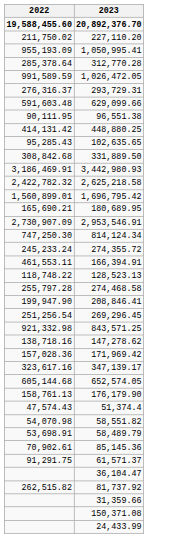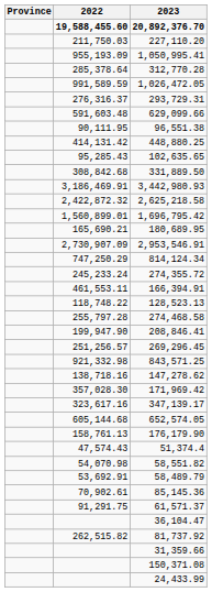 <table class="wikitable sortable sticky-header static-row-numbers" style="text-align:center; font-size:85%;">
 <tr>
+<th>Province</th>
 <th data-sort-type="number">2022</th>
 <th data-sort-type="number">2023</th>
 </tr>
 <tr class="sorttop static-row-header" style="font-weight: bold;">
+<td></td>
 <td>19,588,455.60</td>
 <td>20,892,376.70</td>
 </tr>
 <tr>
-<td align=right>211,750.02</td>
+<td></td>
+<td align=right>211,750.03</td>
 <td align=right>227,110.20</td>
 </tr>
 <tr>
+<td></td>
 <td align=right>955,193.09</td>
 <td align=right>1,050,995.41</td>
 </tr>
 <tr>
+<td></td>
 <td align=right>285,378.64</td>
 <td align=right>312,770.28</td>
 </tr>
 <tr>
+<td></td>
 <td align=right>991,589.59</td>
 <td align=right>1,026,472.05</td>
 </tr>
 <tr>
+<td></td>
 <td align=right>276,316.37</td>
 <td align=right>293,729.31</td>
 </tr>
 <tr>
+<td></td>
 <td align=right>591,603.48</td>
 <td align=right>629,099.66</td>
 </tr>
 <tr>
+<td></td>
 <td align=right>90,111.95</td>
 <td align=right>96,551.38</td>
 </tr>
 <tr>
+<td></td>
 <td align=right>414,131.42</td>
 <td align=right>448,880.25</td>
 </tr>
 <tr>
+<td></td>
 <td align=right>95,285.43</td>
 <td align=right>102,635.65</td>
 </tr>
 <tr>
+<td></td>
 <td align=right>308,842.68</td>
 <td align=right>331,889.50</td>
 </tr>
 <tr>
+<td></td>
 <td align=right>3,186,469.91</td>
 <td align=right>3,442,980.93</td>
 </tr>
 <tr>
-<td align=right>2,422,782.32</td>
+<td></td>
+<td align=right>2,422,872.32</td>
 <td align=right>2,625,218.58</td>
 </tr>
 <tr>
+<td></td>
 <td align=right>1,560,899.01</td>
 <td align=right>1,696,795.42</td>
 </tr>
 <tr>
+<td></td>
 <td align=right>165,690.21</td>
 <td align=right>180,689.95</td>
 </tr>
 <tr>
+<td></td>
 <td align=right>2,730,907.09</td>
 <td align=right>2,953,546.91</td>
 </tr>
 <tr>
-<td align=right>747,250.30</td>
+<td></td>
+<td align=right>747,250.29</td>
 <td align=right>814,124.34</td>
 </tr>
 <tr>
+<td></td>
 <td align=right>245,233.24</td>
 <td align=right>274,355.72</td>
 </tr>
 <tr>
+<td></td>
 <td align=right>461,553.11</td>
 <td align=right>166,394.91</td>
 </tr>
 <tr>
+<td></td>
 <td align=right>118,748.22</td>
 <td align=right>128,523.13</td>
 </tr>
 <tr>
+<td></td>
 <td align=right>255,797.28</td>
 <td align=right>274,468.58</td>
 </tr>
 <tr>
+<td></td>
 <td align=right>199,947.90</td>
 <td align=right>208,846.41</td>
 </tr>
 <tr>
-<td align=right>251,256.54</td>
+<td></td>
+<td align=right>251,256.57</td>
 <td align=right>269,296.45</td>
 </tr>
 <tr>
+<td></td>
 <td align=right>921,332.98</td>
 <td align=right>843,571.25</td>
 </tr>
 <tr>
+<td></td>
 <td align=right>138,718.16</td>
 <td align=right>147,278.62</td>
 </tr>
 <tr>
-<td align=right>157,028.36</td>
+<td></td>
+<td align=right>357,028.30</td>
 <td align=right>171,969.42</td>
 </tr>
 <tr>
+<td></td>
 <td align=right>323,617.16</td>
 <td align=right>347,139.17</td>
 </tr>
 <tr>
+<td></td>
 <td align=right>605,144.68</td>
 <td align=right>652,574.05</td>
 </tr>
 <tr>
+<td></td>
 <td align=right>158,761.13</td>
 <td align=right>176,179.90</td>
 </tr>
 <tr>
+<td></td>
 <td align=right>47,574.43</td>
 <td align=right>51,374.4</td>
 </tr>
 <tr>
+<td></td>
 <td align=right>54,070.98</td>
 <td align=right>58,551.82</td>
 </tr>
 <tr>
-<td align=right>53,698.91</td>
+<td></td>
+<td align=right>53,692.91</td>
 <td align=right>58,489.79</td>
 </tr>
 <tr>
+<td></td>
 <td align=right>70,902.61</td>
 <td align=right>85,145.36</td>
 </tr>
 <tr>
+<td></td>
 <td align=right>91,291.75</td>
 <td align=right>61,571.37</td>
 </tr>
 <tr>
+<td></td>
 <td align=right></td>
 <td align=right>36,104.47</td>
 </tr>
 <tr>
+<td></td>
 <td align=right>262,515.82</td>
 <td align=right>81,737.92</td>
 </tr>
 <tr>
+<td></td>
 <td align=right></td>
 <td align=right>31,359.66</td>
 </tr>
 <tr>
+<td></td>
 <td align=right></td>
 <td align=right>150,371.08</td>
 </tr>
 <tr>
+<td></td>
 <td align=right></td>
 <td align=right>24,433.99</td>
 </tr>
 </table>
